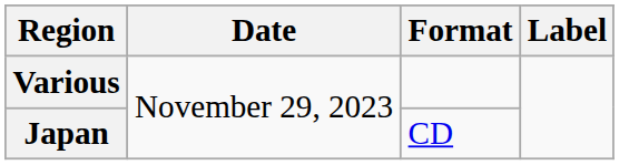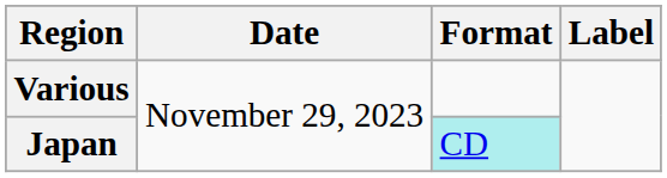 <table class="wikitable plainrowheaders">
 <tr>
 <th>Region</th>
 <th>Date</th>
 <th>Format</th>
 <th>Label</th>
 </tr>
 <tr>
 <th scope="row">Various</th>
 <td rowspan="2">November 29, 2023</td>
 <td></td>
 <td rowspan="2"></td>
 </tr>
 <tr>
 <th scope="row">Japan</th>
-<td><a href='#'>CD</a></td>
+<td style="background: paleturquoise;"><a href='#'>CD</a></td>
 </tr>
 </table>
